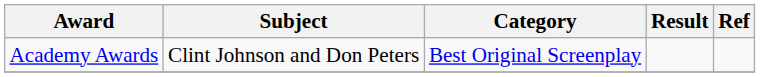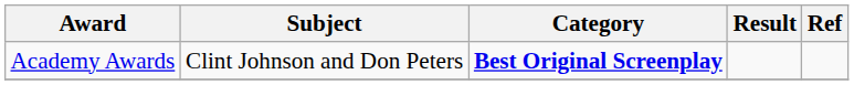 <table class="wikitable">
 <tr>
 <th>Award</th>
 <th>Subject</th>
 <th>Category</th>
 <th>Result</th>
 <th>Ref</th>
 </tr>
 <tr>
 <td><a href='#'>Academy Awards</a></td>
 <td>Clint Johnson and Don Peters</td>
-<td><a href='#'>Best Original Screenplay</a></td>
+<td><strong><a href='#'>Best Original Screenplay</a></strong></td>
 <td></td>
 <td></td>
 </tr>
 <tr>
 </tr>
 </table>
